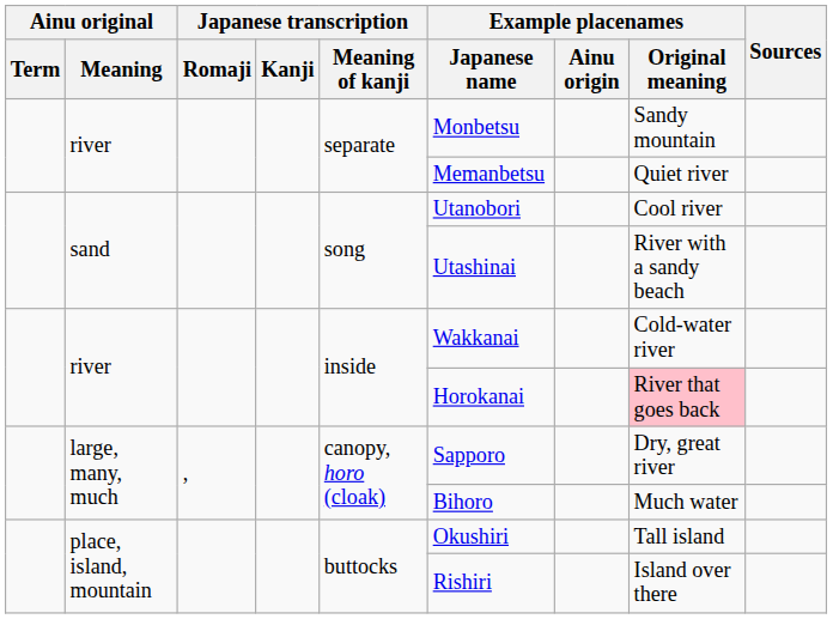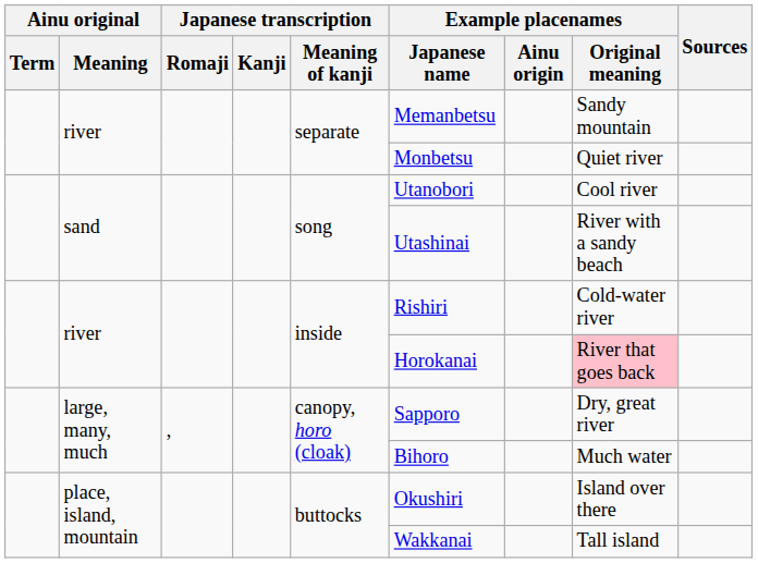 <table class="wikitable sortable">
 <tr>
 <th colspan=2>Ainu original</th>
 <th colspan=3>Japanese transcription</th>
 <th colspan=3>Example placenames</th>
 <th rowspan=2>Sources</th>
 </tr>
 <tr>
 <th>Term</th>
 <th>Meaning</th>
 <th>Romaji</th>
 <th>Kanji</th>
 <th>Meaning of kanji</th>
 <th>Japanese name</th>
 <th>Ainu origin</th>
 <th>Original meaning</th>
 </tr>
 <tr>
 <td rowspan=2></td>
 <td rowspan=2>river</td>
 <td rowspan=2></td>
 <td rowspan=2></td>
 <td rowspan=2>separate</td>
-<td><a href='#'>Monbetsu</a></td>
+<td><a href='#'>Memanbetsu</a></td>
 <td></td>
 <td>Sandy mountain</td>
 <td></td>
 </tr>
 <tr>
-<td><a href='#'>Memanbetsu</a></td>
+<td><a href='#'>Monbetsu</a></td>
 <td></td>
 <td>Quiet river</td>
 <td></td>
 </tr>
 <tr>
 <td rowspan=2></td>
 <td rowspan=2>sand</td>
 <td rowspan=2></td>
 <td rowspan=2></td>
 <td rowspan=2>song</td>
 <td><a href='#'>Utanobori</a></td>
 <td></td>
 <td>Cool river</td>
 <td></td>
 </tr>
 <tr>
 <td><a href='#'>Utashinai</a></td>
 <td></td>
 <td>River with a sandy beach</td>
 <td></td>
 </tr>
 <tr>
 <td rowspan=2></td>
 <td rowspan=2>river</td>
 <td rowspan=2></td>
 <td rowspan=2></td>
 <td rowspan=2>inside</td>
-<td><a href='#'>Wakkanai</a></td>
+<td><a href='#'>Rishiri</a></td>
 <td></td>
 <td>Cold-water river</td>
 <td></td>
 </tr>
 <tr>
 <td><a href='#'>Horokanai</a></td>
 <td></td>
 <td style="background: pink;">River that goes back</td>
 <td></td>
 </tr>
 <tr>
 <td rowspan=2></td>
 <td rowspan=2>large, many, much</td>
 <td rowspan=2>, </td>
 <td rowspan=2></td>
 <td rowspan=2>canopy, <a href='#'><em>horo</em> (cloak)</a></td>
 <td><a href='#'>Sapporo</a></td>
 <td></td>
 <td>Dry, great river</td>
 <td></td>
 </tr>
 <tr>
 <td><a href='#'>Bihoro</a></td>
 <td></td>
 <td>Much water</td>
 <td></td>
 </tr>
 <tr>
 <td rowspan=2></td>
 <td rowspan=2>place, island, mountain</td>
 <td rowspan=2></td>
 <td rowspan=2></td>
 <td rowspan=2>buttocks</td>
 <td><a href='#'>Okushiri</a></td>
 <td></td>
+<td>Island over there</td>
+<td></td>
+</tr>
+<tr>
+<td><a href='#'>Wakkanai</a></td>
+<td></td>
 <td>Tall island</td>
 <td></td>
 </tr>
-<tr>
-<td><a href='#'>Rishiri</a></td>
-<td></td>
-<td>Island over there</td>
-<td></td>
-</tr>
 </table>
